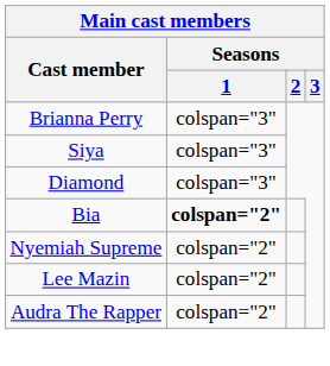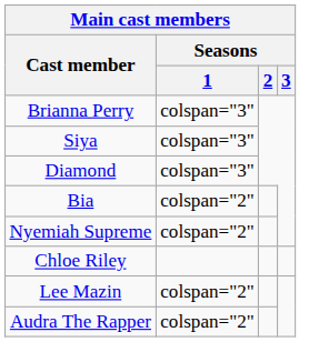 <table class="wikitable plainrowheaders" style="text-align:center;">
 <tr>
 <th colspan=4><a href='#'>Main cast members</a></th>
 </tr>
 <tr>
 <th rowspan="2" scope="col">Cast member</th>
 <th scope="col" colspan="3">Seasons</th>
 </tr>
 <tr>
 <th scope="col"><a href='#'>1</a></th>
 <th scope="col"><a href='#'>2</a></th>
 <th scope="col"><a href='#'>3</a></th>
 </tr>
 <tr>
 <td scope="row"><a href='#'>Brianna Perry</a></td>
 <td>colspan="3" </td>
 </tr>
 <tr>
 <td scope="row"><a href='#'>Siya</a></td>
 <td>colspan="3" </td>
 </tr>
 <tr>
 <td scope="row"><a href='#'>Diamond</a></td>
 <td>colspan="3" </td>
 </tr>
 <tr>
 <td scope="row"><a href='#'>Bia</a></td>
-<td><strong>colspan="2" </strong></td>
+<td>colspan="2" </td>
 <td></td>
 </tr>
 <tr>
 <td scope="row"><a href='#'>Nyemiah Supreme</a></td>
 <td>colspan="2" </td>
+<td></td>
+</tr>
+<tr>
+<td scope="row"><a href='#'>Chloe Riley</a></td>
+<td></td>
+<td></td>
 <td></td>
 </tr>
 <tr>
 <td scope="row"><a href='#'>Lee Mazin </a></td>
 <td>colspan="2" </td>
 <td></td>
 </tr>
 <tr>
 <td scope="row"><a href='#'>Audra The Rapper</a></td>
 <td>colspan="2" </td>
 <td></td>
 </tr>
 </table>
